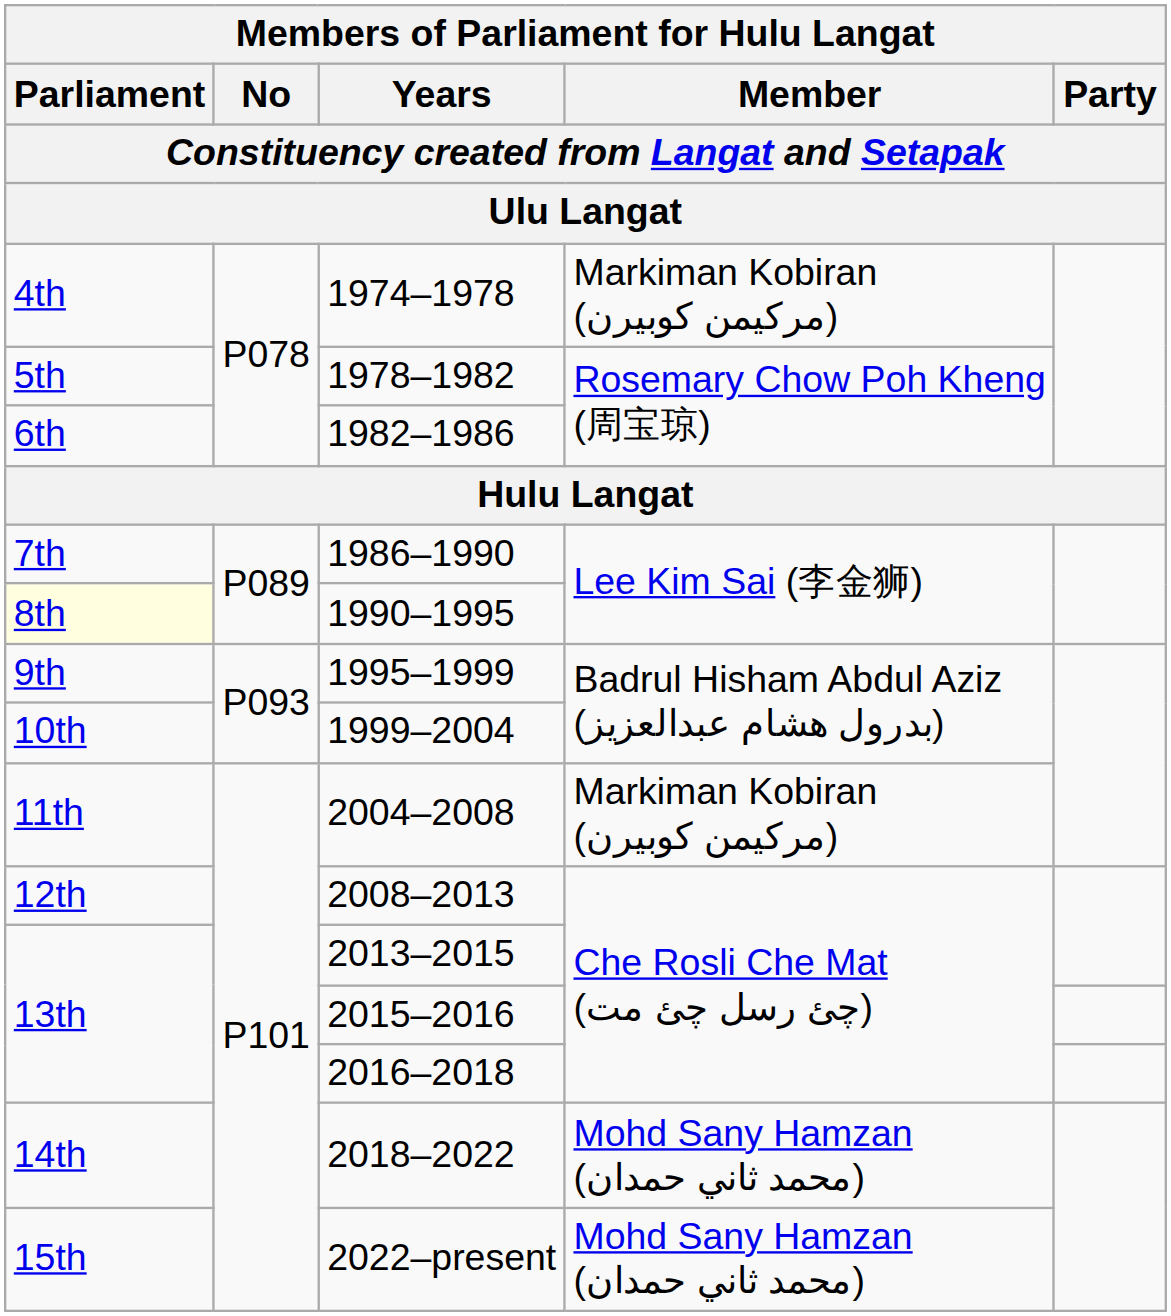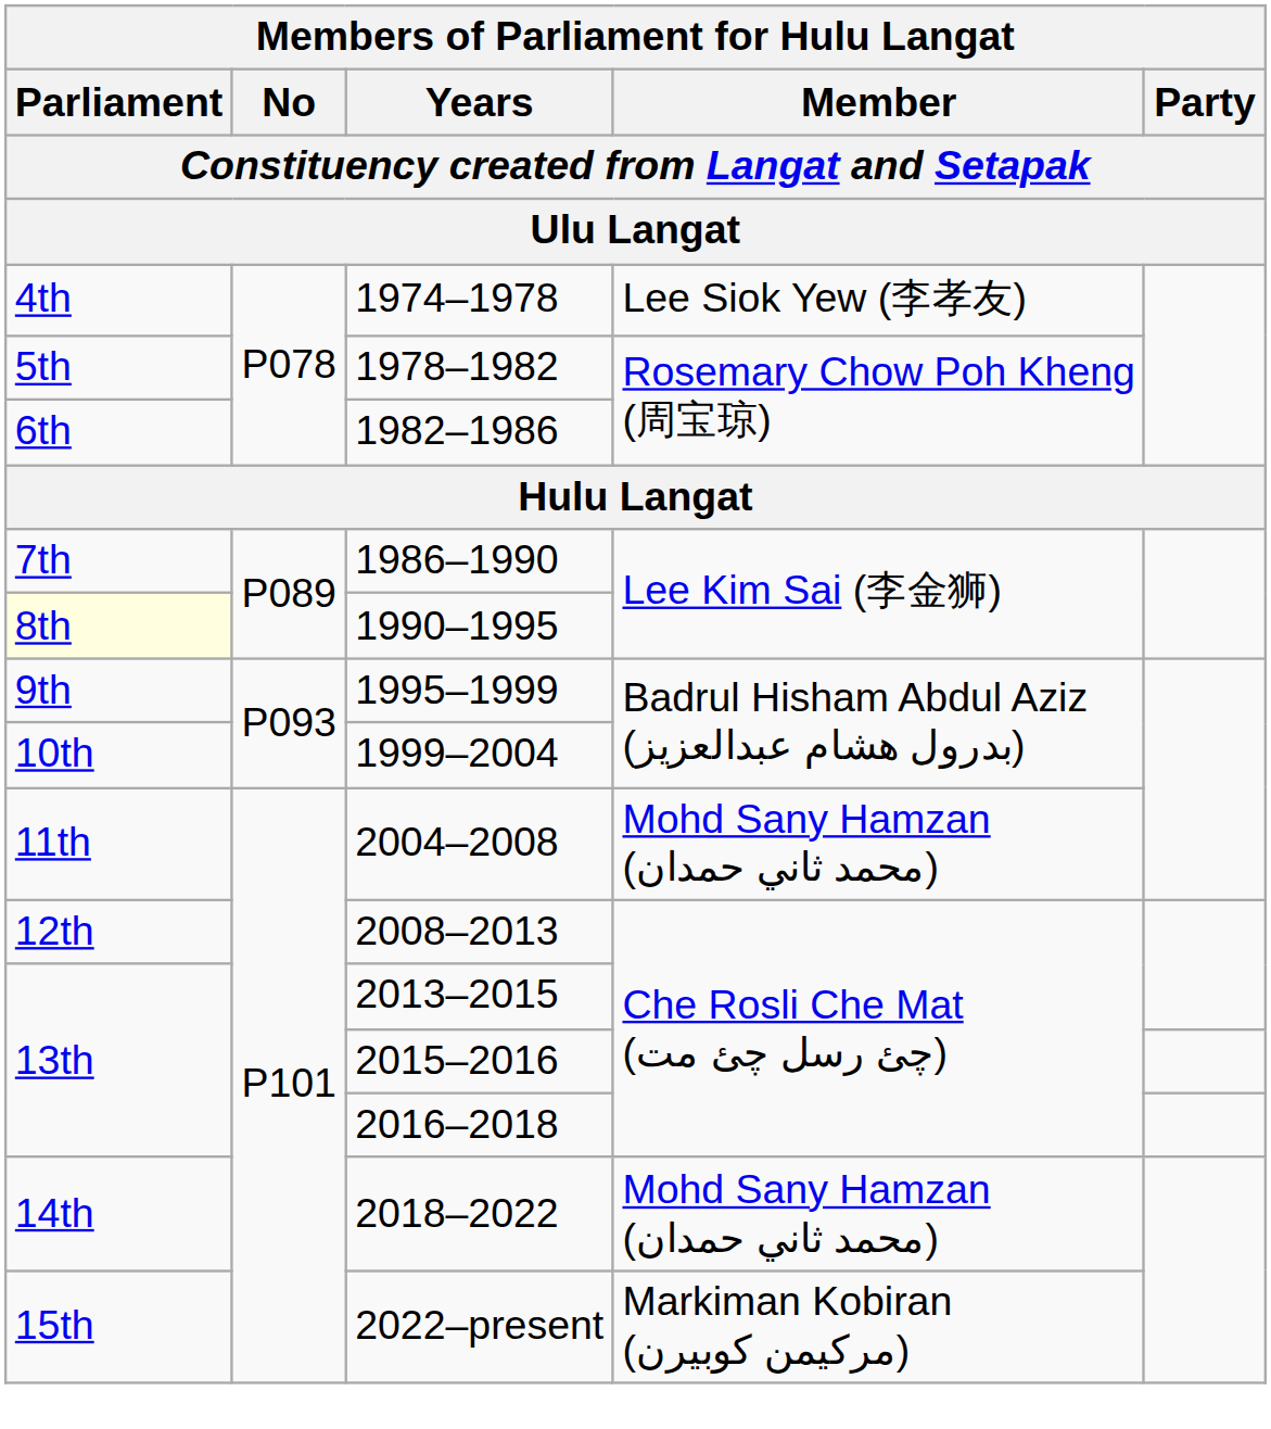 <table class=wikitable>
 <tr>
 <th colspan="5">Members of Parliament for Hulu Langat</th>
 </tr>
 <tr>
 <th>Parliament</th>
 <th>No</th>
 <th>Years</th>
 <th>Member</th>
 <th>Party</th>
 </tr>
 <tr>
 <th colspan="5" align="center"><em>Constituency created from <a href='#'>Langat</a> and <a href='#'>Setapak</a></em></th>
 </tr>
 <tr>
 <th colspan="5" align="center">Ulu Langat</th>
 </tr>
 <tr>
 <td><a href='#'>4th</a></td>
 <td rowspan="3">P078</td>
 <td>1974–1978</td>
-<td>Markiman Kobiran <br> (مركيمن كوبيرن)</td>
+<td>Lee Siok Yew (李孝友)</td>
 <td rowspan="3"></td>
 </tr>
 <tr>
 <td><a href='#'>5th</a></td>
 <td>1978–1982</td>
 <td rowspan=2><a href='#'>Rosemary Chow Poh Kheng</a> <br> (周宝琼)</td>
 </tr>
 <tr>
 <td><a href='#'>6th</a></td>
 <td>1982–1986</td>
 </tr>
 <tr>
 <th colspan="5" align="center">Hulu Langat</th>
 </tr>
 <tr>
 <td><a href='#'>7th</a></td>
 <td rowspan="2">P089</td>
 <td>1986–1990</td>
 <td rowspan=2><a href='#'>Lee Kim Sai</a> (李金狮)</td>
 <td rowspan="2"></td>
 </tr>
 <tr>
 <td style="background: lightyellow;"><a href='#'>8th</a></td>
 <td>1990–1995</td>
 </tr>
 <tr>
 <td><a href='#'>9th</a></td>
 <td rowspan="2">P093</td>
 <td>1995–1999</td>
 <td rowspan=2>Badrul Hisham Abdul Aziz <br> (بدرول هشام عبدالعزيز)</td>
 <td rowspan="3"></td>
 </tr>
 <tr>
 <td><a href='#'>10th</a></td>
 <td>1999–2004</td>
 </tr>
 <tr>
 <td><a href='#'>11th</a></td>
 <td rowspan=7>P101</td>
 <td>2004–2008</td>
-<td>Markiman Kobiran <br> (مركيمن كوبيرن)</td>
+<td><a href='#'>Mohd Sany Hamzan</a>  <br> (محمد ثاني حمدان)</td>
 </tr>
 <tr>
 <td><a href='#'>12th</a></td>
 <td>2008–2013</td>
 <td rowspan=4><a href='#'>Che Rosli Che Mat</a> <br> (چئ رسل چئ مت)</td>
 <td rowspan=2></td>
 </tr>
 <tr>
 <td rowspan=3><a href='#'>13th</a></td>
 <td>2013–2015</td>
 </tr>
 <tr>
 <td>2015–2016</td>
 <td></td>
 </tr>
 <tr>
 <td>2016–2018</td>
 <td></td>
 </tr>
 <tr>
 <td><a href='#'>14th</a></td>
 <td>2018–2022</td>
 <td><a href='#'>Mohd Sany Hamzan</a>  <br> (محمد ثاني حمدان)</td>
 <td rowspan=2></td>
 </tr>
 <tr>
 <td><a href='#'>15th</a></td>
 <td>2022–present</td>
-<td><a href='#'>Mohd Sany Hamzan</a>  <br> (محمد ثاني حمدان)</td>
+<td>Markiman Kobiran <br> (مركيمن كوبيرن)</td>
 </tr>
 </table>
